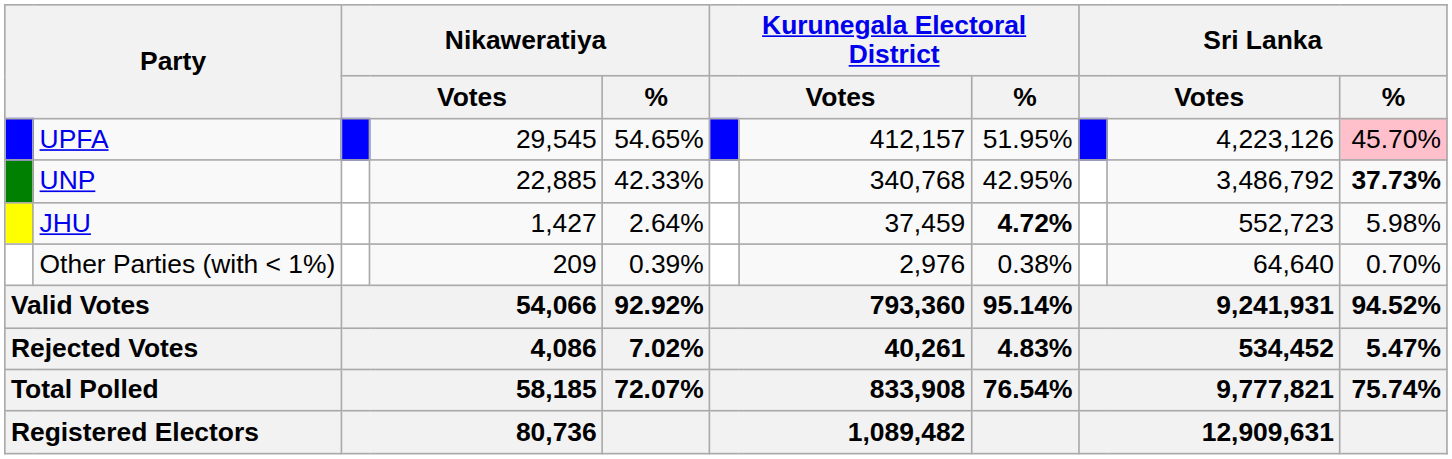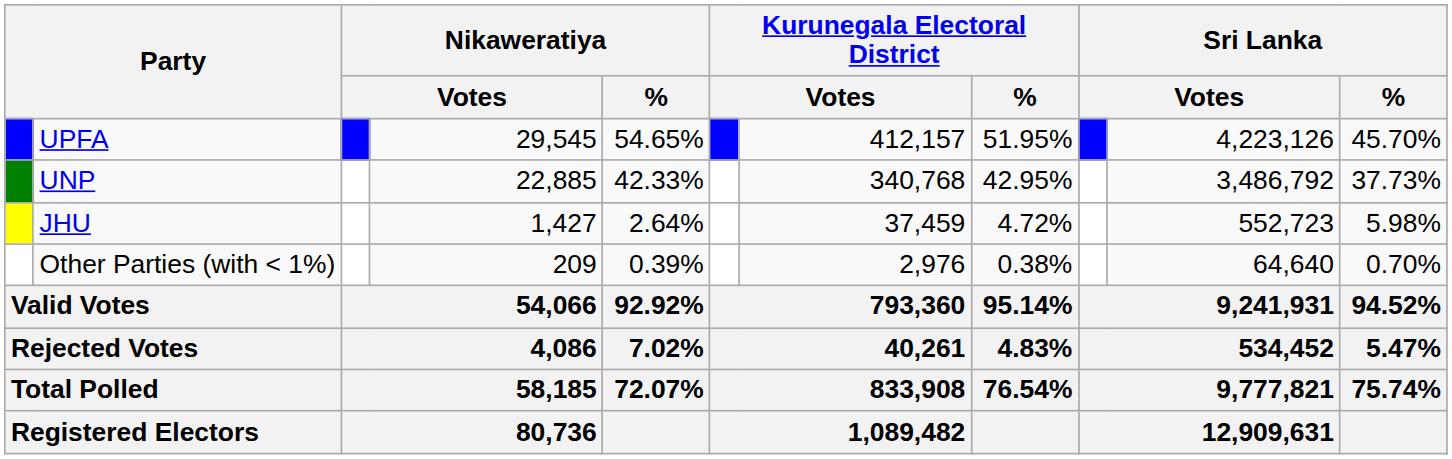 <table class="wikitable">
 <tr>
 <th colspan="2" width="144px"rowspan="2">Party</th>
 <th colspan="3" width="216px">Nikaweratiya</th>
 <th colspan="3" width="216px"><a href='#'>Kurunegala Electoral District</a></th>
 <th colspan="3" width="216px">Sri Lanka</th>
 </tr>
 <tr>
 <th colspan="2" width="144px">Votes</th>
 <th>%</th>
 <th colspan="2" width="144px">Votes</th>
 <th>%</th>
 <th colspan="2" width="144px">Votes</th>
 <th>%</th>
 </tr>
 <tr>
 <td style="background-color:blue;" width="10px"></td>
 <td style="text-align:left;"><a href='#'>UPFA</a></td>
 <td style="background-color:blue;" width="10px"></td>
 <td style="text-align:right;">29,545</td>
 <td style="text-align:right;">54.65%</td>
 <td style="background-color:blue;" width="10px"></td>
 <td style="text-align:right;">412,157</td>
 <td style="text-align:right;">51.95%</td>
 <td style="background-color:blue;" width="10px"></td>
 <td style="text-align:right;">4,223,126</td>
-<td style="background: pink; text-align:right;">45.70%</td>
+<td style="text-align:right;">45.70%</td>
 </tr>
 <tr>
 <td style="background-color:green;" width="10px"></td>
 <td style="text-align:left;"><a href='#'>UNP</a></td>
 <td style="background-color:white;" width="10px"></td>
 <td style="text-align:right;">22,885</td>
 <td style="text-align:right;">42.33%</td>
 <td style="background-color:white;" width="10px"></td>
 <td style="text-align:right;">340,768</td>
 <td style="text-align:right;">42.95%</td>
 <td style="background-color:white;" width="10px"></td>
 <td style="text-align:right;">3,486,792</td>
-<td style="text-align:right;"><strong>37.73%</strong></td>
+<td style="text-align:right;">37.73%</td>
 </tr>
 <tr>
 <td style="background-color:yellow;" width="10px"></td>
 <td style="text-align:left;"><a href='#'>JHU</a></td>
 <td style="background-color:white;" width="10px"></td>
 <td style="text-align:right;">1,427</td>
 <td style="text-align:right;">2.64%</td>
 <td style="background-color:white;" width="10px"></td>
 <td style="text-align:right;">37,459</td>
-<td style="text-align:right;"><strong>4.72%</strong></td>
+<td style="text-align:right;">4.72%</td>
 <td style="background-color:white;" width="10px"></td>
 <td style="text-align:right;">552,723</td>
 <td style="text-align:right;">5.98%</td>
 </tr>
 <tr>
 <td style="background-color:white;" width="10px"></td>
 <td style="text-align:left;">Other Parties (with < 1%)</td>
 <td style="background-color:white;" width="10px"></td>
 <td style="text-align:right;">209</td>
 <td style="text-align:right;">0.39%</td>
 <td style="background-color:white;" width="10px"></td>
 <td style="text-align:right;">2,976</td>
 <td style="text-align:right;">0.38%</td>
 <td style="background-color:white;" width="10px"></td>
 <td style="text-align:right;">64,640</td>
 <td style="text-align:right;">0.70%</td>
 </tr>
 <tr>
 <th colspan="2" width="144px"style="text-align:left;">Valid Votes</th>
 <th style="text-align:right;"colspan="2" width="144px">54,066</th>
 <th style="text-align:right;">92.92%</th>
 <th style="text-align:right;"colspan="2" width="144px">793,360</th>
 <th style="text-align:right;">95.14%</th>
 <th style="text-align:right;"colspan="2" width="144px">9,241,931</th>
 <th style="text-align:right;">94.52%</th>
 </tr>
 <tr>
 <th colspan="2" width="144px"style="text-align:left;">Rejected Votes</th>
 <th style="text-align:right;"colspan="2" width="144px">4,086</th>
 <th style="text-align:right;">7.02%</th>
 <th style="text-align:right;"colspan="2" width="144px">40,261</th>
 <th style="text-align:right;">4.83%</th>
 <th style="text-align:right;"colspan="2" width="144px">534,452</th>
 <th style="text-align:right;">5.47%</th>
 </tr>
 <tr>
 <th colspan="2" width="144px"style="text-align:left;">Total Polled</th>
 <th style="text-align:right;"colspan="2" width="144px">58,185</th>
 <th style="text-align:right;">72.07%</th>
 <th style="text-align:right;"colspan="2" width="144px">833,908</th>
 <th style="text-align:right;">76.54%</th>
 <th style="text-align:right;"colspan="2" width="144px">9,777,821</th>
 <th style="text-align:right;">75.74%</th>
 </tr>
 <tr>
 <th colspan="2" width="144px"style="text-align:left;">Registered Electors</th>
 <th style="text-align:right;"colspan="2" width="144px">80,736</th>
 <th></th>
 <th style="text-align:right;"colspan="2" width="144px">1,089,482</th>
 <th></th>
 <th style="text-align:right;"colspan="2" width="144px">12,909,631</th>
 <th></th>
 </tr>
 </table>
